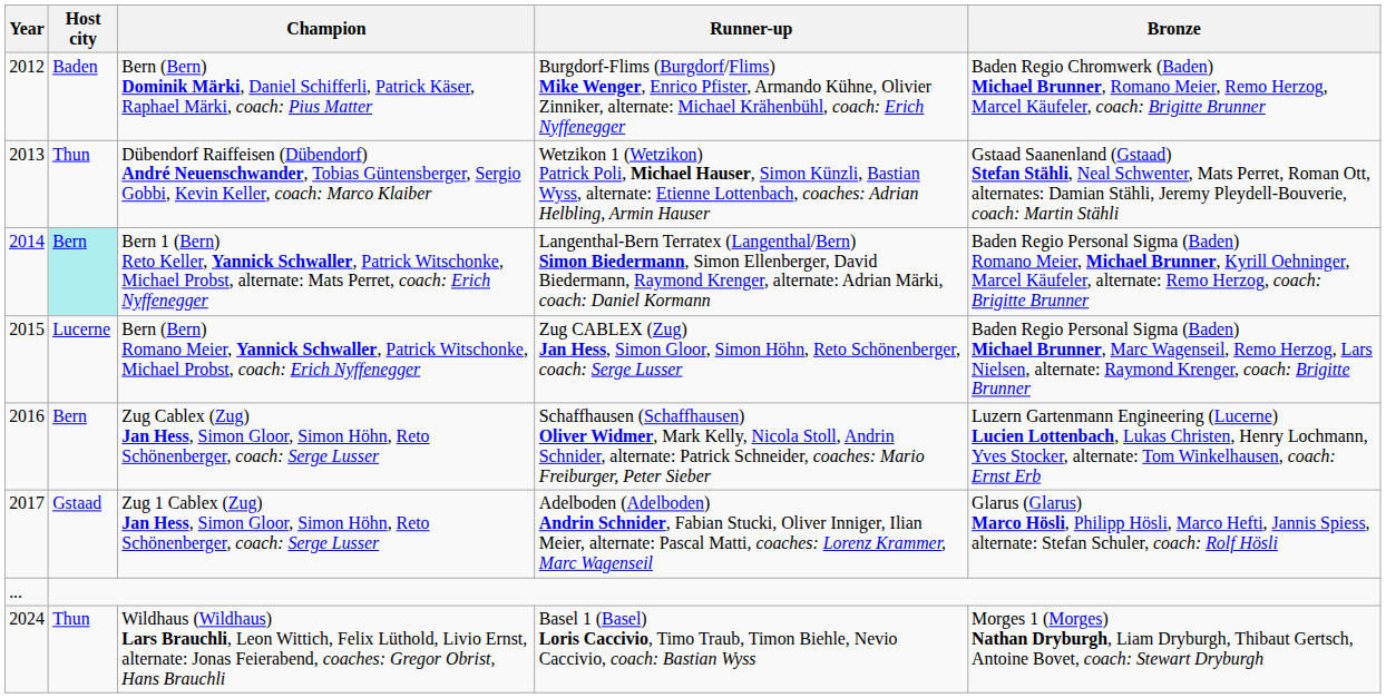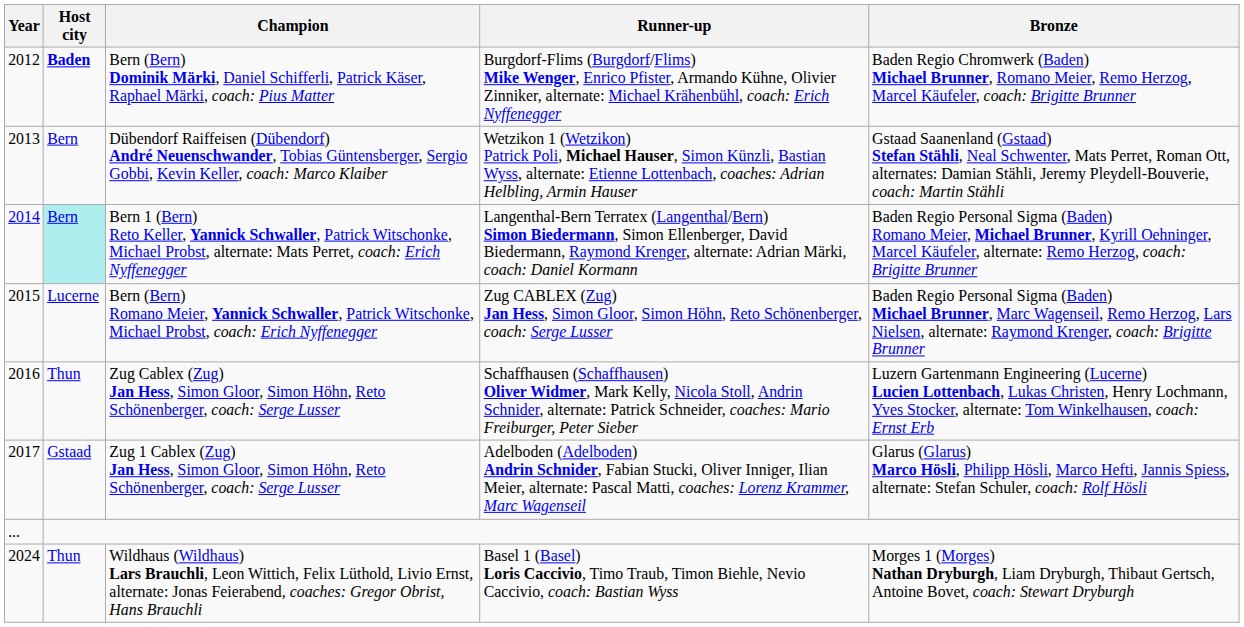 <table class="wikitable">
 <tr>
 <th scope="col">Year</th>
 <th scope="col">Host city</th>
 <th scope="col">Champion</th>
 <th scope="col">Runner-up</th>
 <th scope="col">Bronze</th>
 </tr>
 <tr valign="top">
 <td align=center>2012</td>
-<td><a href='#'>Baden</a></td>
+<td><strong><a href='#'>Baden</a></strong></td>
 <td>Bern (<a href='#'>Bern</a>)<br><strong><a href='#'>Dominik Märki</a></strong>, <a href='#'>Daniel Schifferli</a>, <a href='#'>Patrick Käser</a>, <a href='#'>Raphael Märki</a>, <em>coach: <a href='#'>Pius Matter</a></em></td>
 <td>Burgdorf-Flims (<a href='#'>Burgdorf</a>/<a href='#'>Flims</a>)<br><strong><a href='#'>Mike Wenger</a></strong>, <a href='#'>Enrico Pfister</a>, Armando Kühne, Olivier Zinniker, alternate: <a href='#'>Michael Krähenbühl</a>, <em>coach: <a href='#'>Erich Nyffenegger</a></em></td>
 <td>Baden Regio Chromwerk (<a href='#'>Baden</a>)<br><strong><a href='#'>Michael Brunner</a></strong>, <a href='#'>Romano Meier</a>, <a href='#'>Remo Herzog</a>, <a href='#'>Marcel Käufeler</a>, <em>coach: <a href='#'>Brigitte Brunner</a></em></td>
 </tr>
 <tr valign="top">
 <td align=center>2013</td>
-<td><a href='#'>Thun</a></td>
+<td><a href='#'>Bern</a></td>
 <td>Dübendorf Raiffeisen (<a href='#'>Dübendorf</a>)<br><strong><a href='#'>André Neuenschwander</a></strong>, <a href='#'>Tobias Güntensberger</a>, <a href='#'>Sergio Gobbi</a>, <a href='#'>Kevin Keller</a>, <em>coach: Marco Klaiber</em></td>
 <td>Wetzikon 1 (<a href='#'>Wetzikon</a>)<br><a href='#'>Patrick Poli</a>, <strong>Michael Hauser</strong>, <a href='#'>Simon Künzli</a>, <a href='#'>Bastian Wyss</a>, alternate: <a href='#'>Etienne Lottenbach</a>, <em>coaches: Adrian Helbling, Armin Hauser</em></td>
 <td>Gstaad Saanenland (<a href='#'>Gstaad</a>)<br><strong><a href='#'>Stefan Stähli</a></strong>, <a href='#'>Neal Schwenter</a>, Mats Perret, Roman Ott, alternates: Damian Stähli, Jeremy Pleydell-Bouverie, <em>coach: Martin Stähli</em></td>
 </tr>
 <tr valign="top">
 <td align=center><a href='#'>2014</a></td>
 <td style="background: paleturquoise;"><a href='#'>Bern</a></td>
 <td>Bern 1 (<a href='#'>Bern</a>)<br><a href='#'>Reto Keller</a>, <strong><a href='#'>Yannick Schwaller</a></strong>, <a href='#'>Patrick Witschonke</a>, <a href='#'>Michael Probst</a>, alternate: Mats Perret, <em>coach: <a href='#'>Erich Nyffenegger</a></em></td>
 <td>Langenthal-Bern Terratex (<a href='#'>Langenthal</a>/<a href='#'>Bern</a>)<br><strong><a href='#'>Simon Biedermann</a></strong>, Simon Ellenberger, David Biedermann, <a href='#'>Raymond Krenger</a>, alternate: Adrian Märki, <em>coach: Daniel Kormann</em></td>
 <td>Baden Regio Personal Sigma (<a href='#'>Baden</a>)<br><a href='#'>Romano Meier</a>, <strong><a href='#'>Michael Brunner</a></strong>, <a href='#'>Kyrill Oehninger</a>, <a href='#'>Marcel Käufeler</a>, alternate: <a href='#'>Remo Herzog</a>, <em>coach: <a href='#'>Brigitte Brunner</a></em></td>
 </tr>
 <tr valign="top">
 <td align=center>2015</td>
 <td><a href='#'>Lucerne</a></td>
 <td>Bern (<a href='#'>Bern</a>)<br><a href='#'>Romano Meier</a>, <strong><a href='#'>Yannick Schwaller</a></strong>, <a href='#'>Patrick Witschonke</a>, <a href='#'>Michael Probst</a>, <em>coach: <a href='#'>Erich Nyffenegger</a></em></td>
 <td>Zug CABLEX (<a href='#'>Zug</a>)<br><strong><a href='#'>Jan Hess</a></strong>, <a href='#'>Simon Gloor</a>, <a href='#'>Simon Höhn</a>, <a href='#'>Reto Schönenberger</a>, <em>coach: <a href='#'>Serge Lusser</a></em></td>
 <td>Baden Regio Personal Sigma (<a href='#'>Baden</a>)<br><strong><a href='#'>Michael Brunner</a></strong>, <a href='#'>Marc Wagenseil</a>, <a href='#'>Remo Herzog</a>, <a href='#'>Lars Nielsen</a>, alternate: <a href='#'>Raymond Krenger</a>, <em>coach: <a href='#'>Brigitte Brunner</a></em></td>
 </tr>
 <tr valign="top">
 <td align=center>2016</td>
-<td><a href='#'>Bern</a></td>
+<td><a href='#'>Thun</a></td>
 <td>Zug Cablex (<a href='#'>Zug</a>)<br><strong><a href='#'>Jan Hess</a></strong>, <a href='#'>Simon Gloor</a>, <a href='#'>Simon Höhn</a>, <a href='#'>Reto Schönenberger</a>, <em>coach: <a href='#'>Serge Lusser</a></em></td>
 <td>Schaffhausen (<a href='#'>Schaffhausen</a>)<br><strong><a href='#'>Oliver Widmer</a></strong>, Mark Kelly, <a href='#'>Nicola Stoll</a>, <a href='#'>Andrin Schnider</a>, alternate: Patrick Schneider, <em>coaches: Mario Freiburger, Peter Sieber</em></td>
 <td>Luzern Gartenmann Engineering (<a href='#'>Lucerne</a>)<br><strong><a href='#'>Lucien Lottenbach</a></strong>, <a href='#'>Lukas Christen</a>, Henry Lochmann, <a href='#'>Yves Stocker</a>, alternate: <a href='#'>Tom Winkelhausen</a>, <em>coach: <a href='#'>Ernst Erb</a></em></td>
 </tr>
 <tr valign="top">
 <td align=center>2017</td>
 <td><a href='#'>Gstaad</a></td>
 <td>Zug 1 Cablex (<a href='#'>Zug</a>)<br><strong><a href='#'>Jan Hess</a></strong>, <a href='#'>Simon Gloor</a>, <a href='#'>Simon Höhn</a>, <a href='#'>Reto Schönenberger</a>, <em>coach: <a href='#'>Serge Lusser</a></em></td>
 <td>Adelboden (<a href='#'>Adelboden</a>)<br><strong><a href='#'>Andrin Schnider</a></strong>, Fabian Stucki, Oliver Inniger, Ilian Meier, alternate: Pascal Matti, <em>coaches: <a href='#'>Lorenz Krammer</a>, <a href='#'>Marc Wagenseil</a></em></td>
 <td>Glarus (<a href='#'>Glarus</a>)<br><strong><a href='#'>Marco Hösli</a></strong>, <a href='#'>Philipp Hösli</a>, <a href='#'>Marco Hefti</a>, <a href='#'>Jannis Spiess</a>, alternate: Stefan Schuler, <em>coach: <a href='#'>Rolf Hösli</a></em></td>
 </tr>
 <tr>
 <td>...</td>
 </tr>
 <tr valign="top">
 <td align=center>2024</td>
 <td><a href='#'>Thun</a></td>
 <td>Wildhaus (<a href='#'>Wildhaus</a>)<br><strong>Lars Brauchli</strong>, Leon Wittich, Felix Lüthold, Livio Ernst, alternate: Jonas Feierabend, <em>coaches: Gregor Obrist, Hans Brauchli</em></td>
 <td>Basel 1 (<a href='#'>Basel</a>)<br><strong>Loris Caccivio</strong>, Timo Traub, Timon Biehle, Nevio Caccivio, <em>coach: Bastian Wyss</em></td>
 <td>Morges 1 (<a href='#'>Morges</a>)<br><strong>Nathan Dryburgh</strong>, Liam Dryburgh, Thibaut Gertsch, Antoine Bovet, <em>coach: Stewart Dryburgh</em></td>
 </tr>
 </table>
